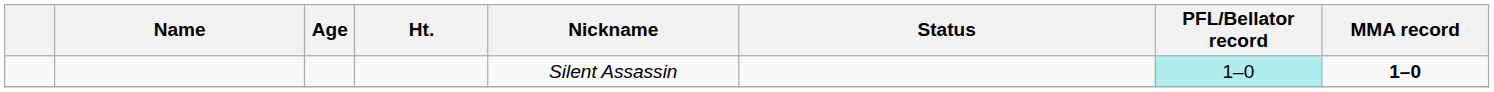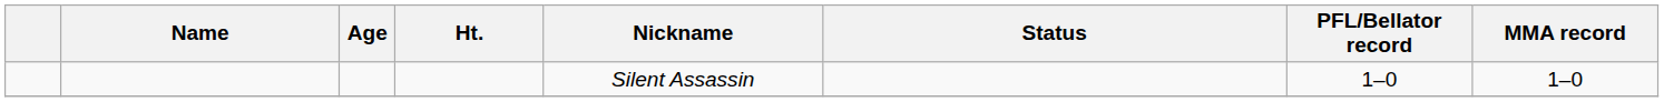 <table class="wikitable sortable" style="text-align:center;">
 <tr>
 <th width=3%></th>
 <th width=15%>Name</th>
 <th width=3%>Age</th>
 <th width=8%>Ht.</th>
 <th width="15%">Nickname</th>
 <th width=25%>Status</th>
 <th width=10%>PFL/Bellator record</th>
 <th width="10%">MMA record</th>
 </tr>
 <tr>
 <td></td>
 <td></td>
 <td></td>
 <td></td>
 <td><em>Silent Assassin</em></td>
 <td></td>
-<td style="background: paleturquoise;">1–0</td>
-<td><strong>1–0</strong></td>
+<td>1–0</td>
+<td>1–0</td>
 </tr>
 <tr>
 </tr>
 </table>
